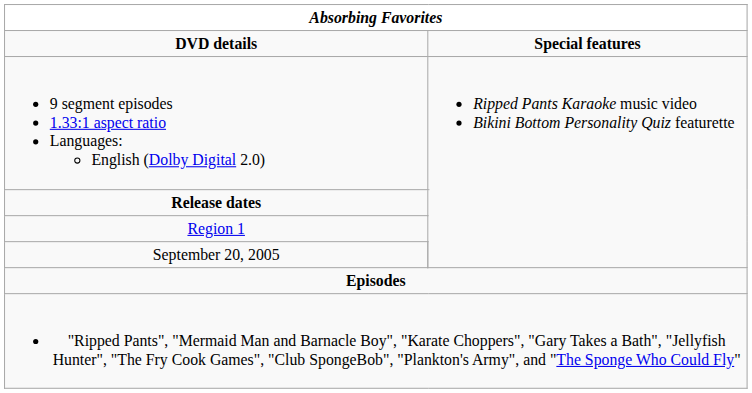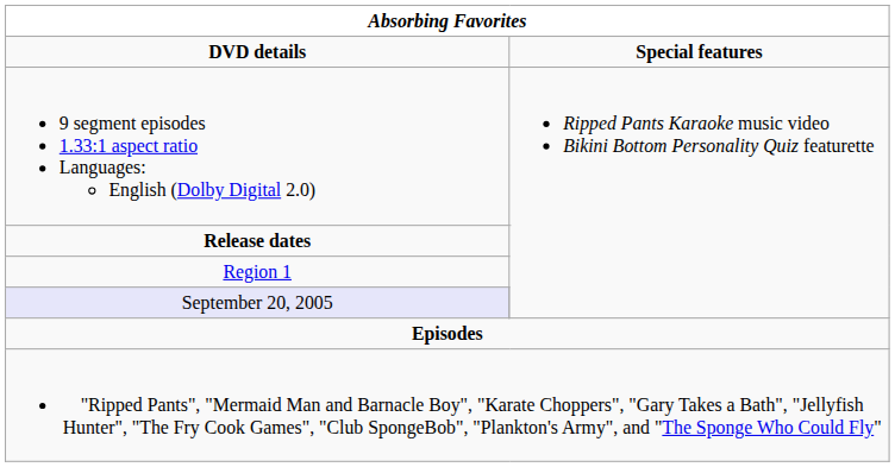 <table class="wikitable" style="font-size: 95%;">
 <tr style="background:#FFF; color:#000;">
 <td colspan="4" align="center"><strong><em>Absorbing Favorites</em></strong></td>
 </tr>
 <tr valign="top">
 <td style="text-align:center; width:400px;" colspan="3"><strong>DVD details</strong></td>
 <td style="width:300px; text-align:center;"><strong>Special features</strong></td>
 </tr>
 <tr valign="top">
 <td colspan="3" style="text-align:left; width:400px;"><br><ul><li>9 segment episodes</li><li><a href='#'>1.33:1 aspect ratio</a></li><li>Languages:<ul><li>English (<a href='#'>Dolby Digital</a> 2.0)</li></ul></li></ul></td>
 <td rowspan="4" style="text-align:left; width:300px;"><br><ul><li><em>Ripped Pants Karaoke</em> music video</li><li><em>Bikini Bottom Personality Quiz</em> featurette</li></ul></td>
 </tr>
 <tr>
 <td colspan="3" style="text-align:center;"><strong>Release dates</strong></td>
 </tr>
 <tr>
 <td colspan="3" style="text-align:center;"><a href='#'>Region 1</a></td>
 </tr>
 <tr style="text-align:center;">
-<td>September 20, 2005</td>
+<td style="background: lavender;">September 20, 2005</td>
 </tr>
 <tr>
 <td style="text-align:center; width:400px;" colspan="4"><strong>Episodes</strong></td>
 </tr>
 <tr>
 <td style="text-align:center; width:400px;" colspan="4"><br><ul><li>"Ripped Pants", "Mermaid Man and Barnacle Boy", "Karate Choppers", "Gary Takes a Bath", "Jellyfish Hunter", "The Fry Cook Games", "Club SpongeBob", "Plankton's Army", and "<a href='#'>The Sponge Who Could Fly</a>"</li></ul></td>
 </tr>
 </table>
